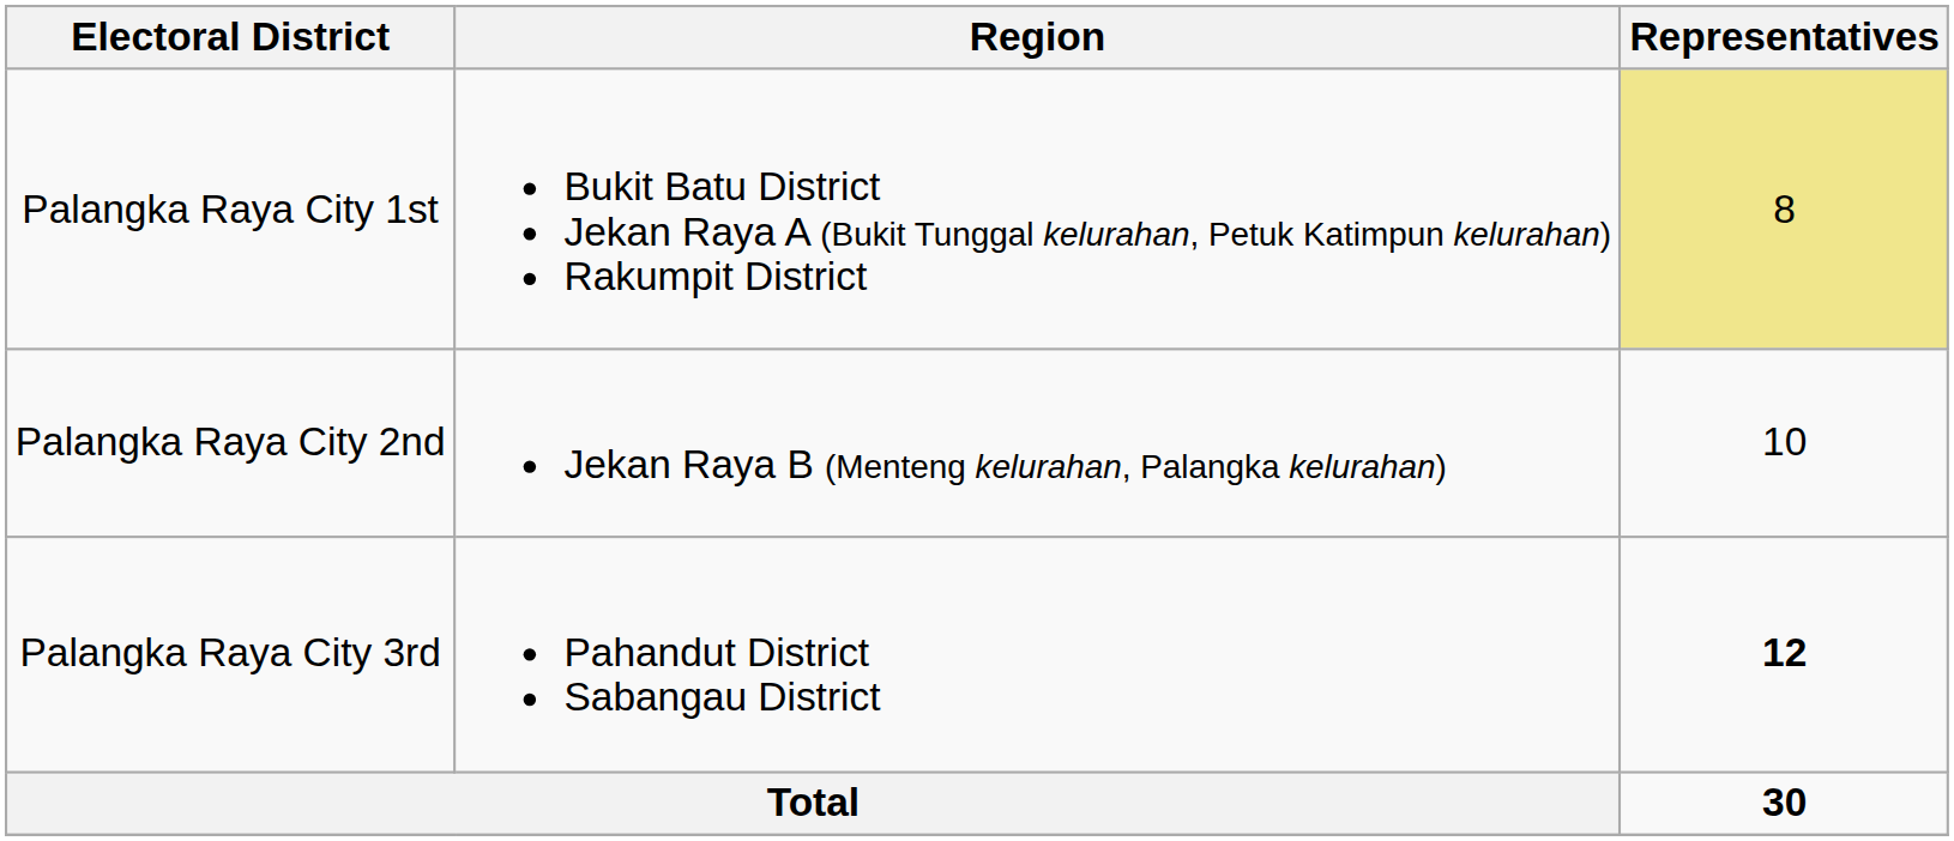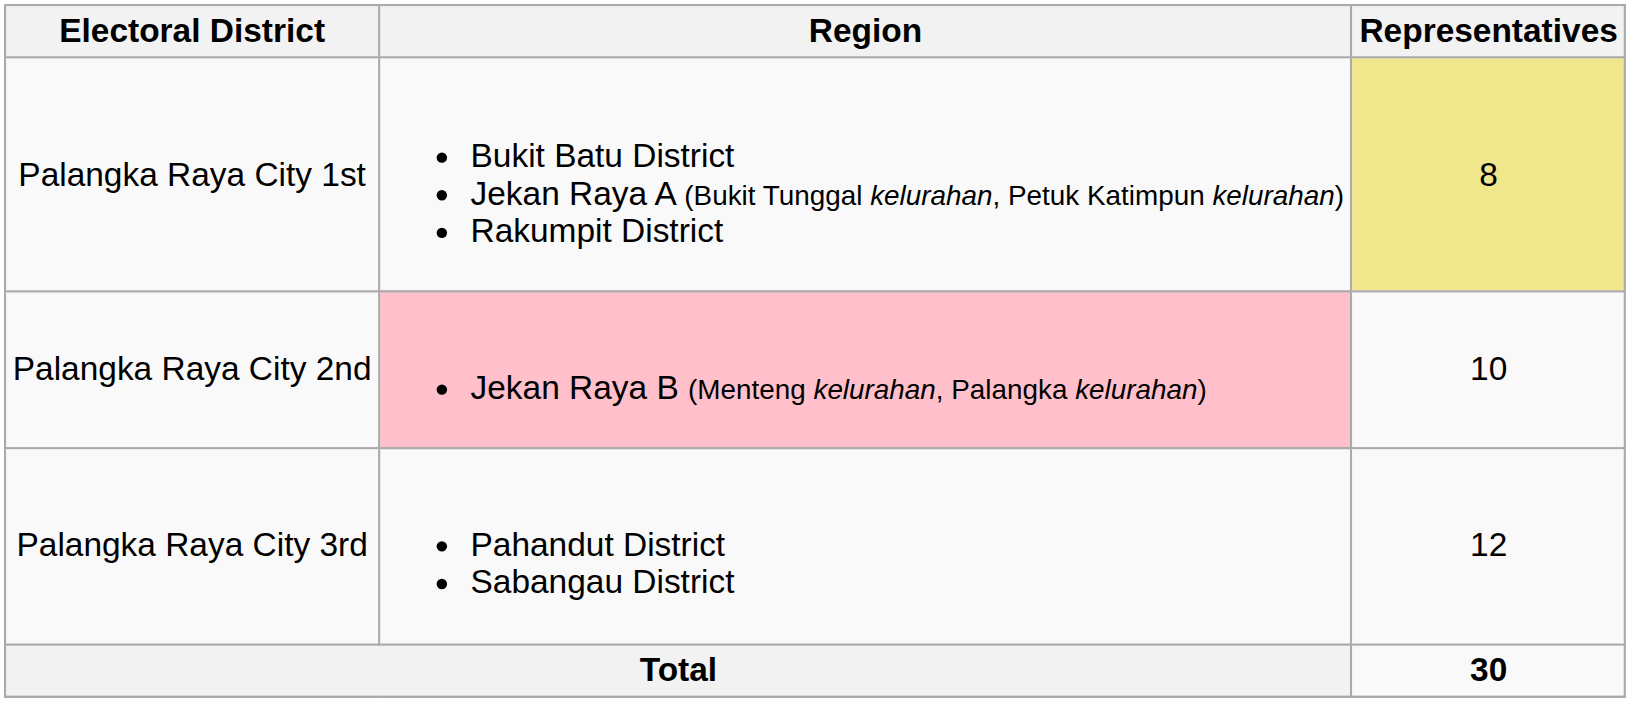 <table class="wikitable">
 <tr>
 <th>Electoral District</th>
 <th>Region</th>
 <th>Representatives</th>
 </tr>
 <tr>
 <td align="center">Palangka Raya City 1st</td>
 <td><br><ul><li>Bukit Batu District</li><li>Jekan Raya A <small>(Bukit Tunggal <em>kelurahan</em>, Petuk Katimpun <em>kelurahan</em>)</small></li><li>Rakumpit District</li></ul></td>
 <td align="center" style="background: khaki;">8</td>
 </tr>
 <tr>
 <td align="center">Palangka Raya City 2nd</td>
-<td><br><ul><li>Jekan Raya B <small>(Menteng <em>kelurahan</em>, Palangka <em>kelurahan</em>)</small></li></ul></td>
+<td style="background: pink;"><br><ul><li>Jekan Raya B <small>(Menteng <em>kelurahan</em>, Palangka <em>kelurahan</em>)</small></li></ul></td>
 <td align="center">10</td>
 </tr>
 <tr>
 <td align="center">Palangka Raya City 3rd</td>
 <td><br><ul><li>Pahandut District</li><li>Sabangau District</li></ul></td>
-<td align="center"><strong>12</strong></td>
+<td align="center">12</td>
 </tr>
 <tr>
 <th colspan="2">Total</th>
 <td align="center"><strong>30</strong></td>
 </tr>
 <tr>
 </tr>
 </table>
